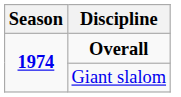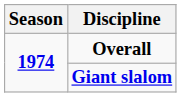 <table class="wikitable" style="text-align:center">
 <tr>
 <th>Season</th>
 <th>Discipline</th>
 </tr>
 <tr>
 <td rowspan=2><strong><a href='#'>1974</a></strong></td>
 <td><strong>Overall</strong></td>
 </tr>
 <tr>
-<td><a href='#'>Giant slalom</a></td>
+<td><strong><a href='#'>Giant slalom</a></strong></td>
 </tr>
 </table>
